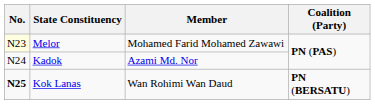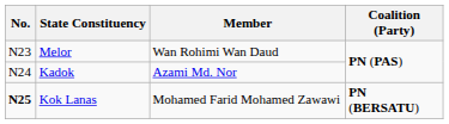 <table class="wikitable">
 <tr>
 <th width="30">No.</th>
 <th width="130">State Constituency</th>
 <th width="230">Member</th>
 <th width="110">Coalition (Party)</th>
 </tr>
 <tr>
-<td style="background: lightyellow;">N23</td>
+<td>N23</td>
 <td><a href='#'>Melor</a></td>
-<td>Mohamed Farid Mohamed Zawawi</td>
+<td>Wan Rohimi Wan Daud</td>
 <td rowspan=2 style="background:"><strong>PN</strong> (<strong>PAS</strong>)</td>
 </tr>
 <tr>
 <td>N24</td>
 <td><a href='#'>Kadok</a></td>
 <td><a href='#'>Azami Md. Nor</a></td>
 </tr>
 <tr>
 <td><strong>N25</strong></td>
 <td><a href='#'>Kok Lanas</a></td>
-<td>Wan Rohimi Wan Daud</td>
+<td>Mohamed Farid Mohamed Zawawi</td>
 <td style="background:"><strong>PN</strong> (<strong>BERSATU</strong>)</td>
 </tr>
 </table>
